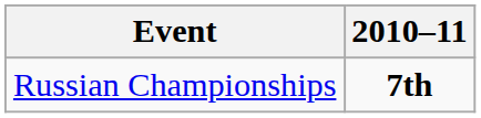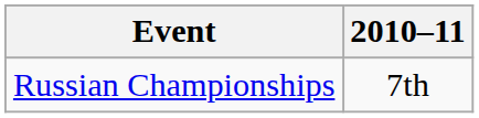 <table class="wikitable" style="text-align:center">
 <tr>
 <th>Event</th>
 <th>2010–11</th>
 </tr>
 <tr>
 <td align=left><a href='#'>Russian Championships</a></td>
-<td><strong>7th</strong></td>
+<td>7th</td>
 </tr>
 </table>
